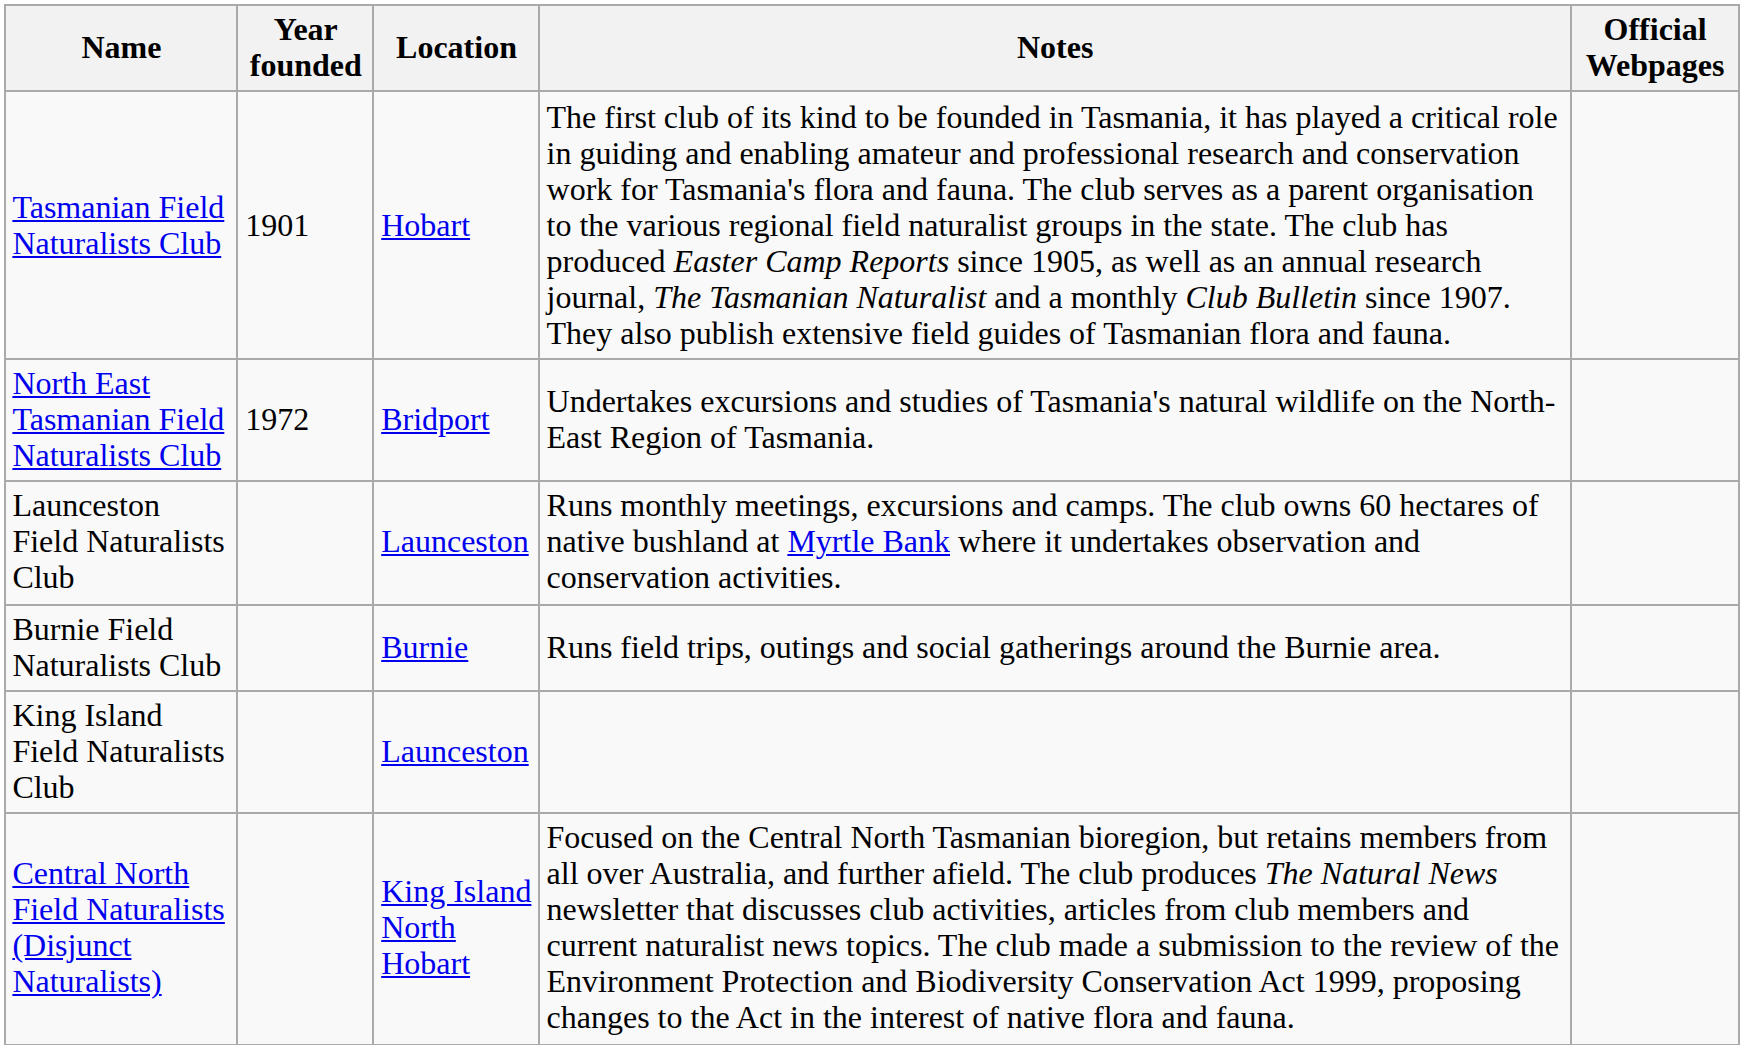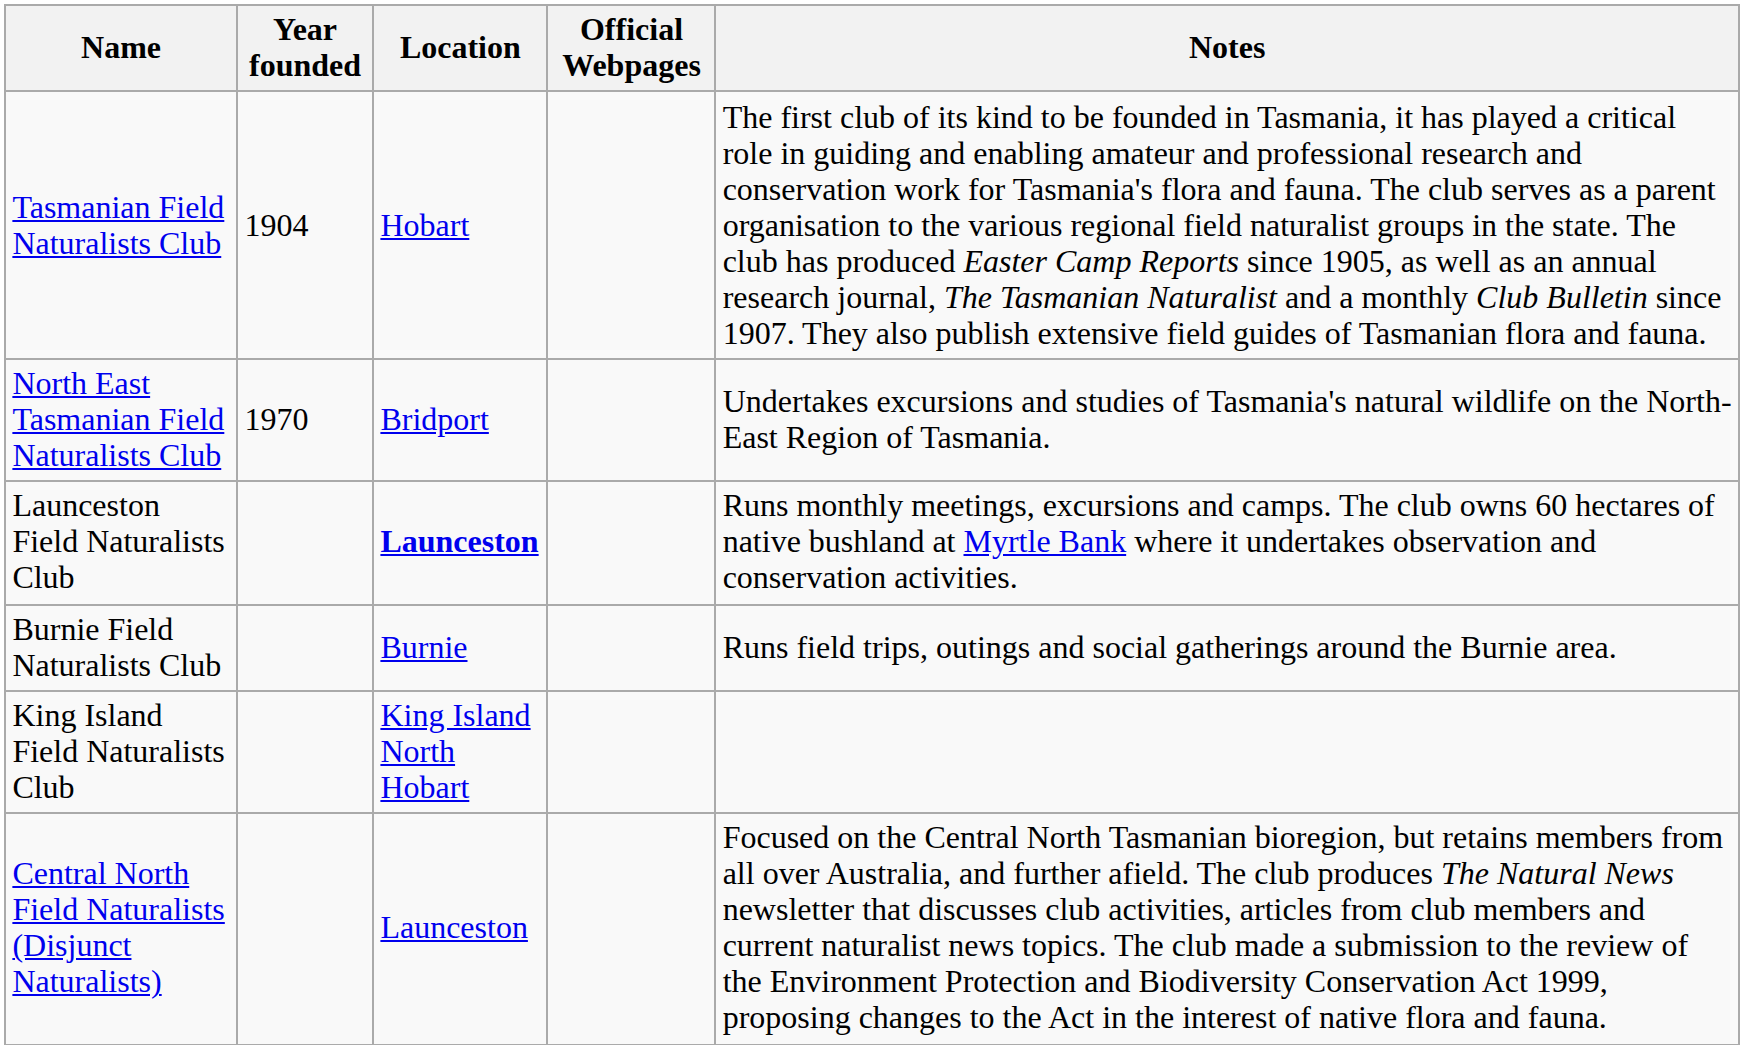 <table class="wikitable sortable">
 <tr>
 <th>Name</th>
 <th>Year founded</th>
 <th>Location</th>
+<th>Official Webpages</th>
 <th>Notes</th>
-<th>Official Webpages</th>
 </tr>
 <tr>
 <td><a href='#'>Tasmanian Field Naturalists Club</a></td>
-<td>1901</td>
+<td>1904</td>
 <td><a href='#'>Hobart</a></td>
+<td><br>  </td>
 <td>The first club of its kind to be founded in Tasmania, it has played a critical role in guiding and enabling amateur and professional research and conservation work for Tasmania's flora and fauna. The club serves as a parent organisation to the various regional field naturalist groups in the state. The club has produced <em>Easter Camp Reports</em> since 1905, as well as an annual research journal, <em>The Tasmanian Naturalist</em> and a monthly <em>Club Bulletin</em> since 1907. They also publish extensive field guides of Tasmanian flora and fauna.</td>
-<td><br>  </td>
 </tr>
 <tr>
 <td><a href='#'>North East Tasmanian Field Naturalists Club</a></td>
-<td>1972</td>
+<td>1970</td>
 <td><a href='#'>Bridport</a></td>
+<td></td>
 <td>Undertakes excursions and studies of Tasmania's natural wildlife on the North-East Region of Tasmania.</td>
-<td></td>
 </tr>
 <tr>
 <td>Launceston Field Naturalists Club</td>
 <td></td>
-<td><a href='#'>Launceston</a></td>
+<td><strong><a href='#'>Launceston</a></strong></td>
+<td></td>
 <td>Runs monthly meetings, excursions and camps. The club owns 60 hectares of native bushland at <a href='#'>Myrtle Bank</a> where it undertakes observation and conservation activities.</td>
-<td></td>
 </tr>
 <tr>
 <td>Burnie Field Naturalists Club</td>
 <td></td>
 <td><a href='#'>Burnie</a></td>
+<td></td>
 <td>Runs field trips, outings and social gatherings around the Burnie area.</td>
-<td></td>
 </tr>
 <tr>
 <td>King Island Field Naturalists Club</td>
 <td></td>
-<td><a href='#'>Launceston</a></td>
+<td><a href='#'>King Island</a><br><a href='#'>North Hobart</a></td>
 <td></td>
 <td></td>
 </tr>
 <tr>
 <td><a href='#'>Central North Field Naturalists (Disjunct Naturalists)</a></td>
 <td></td>
-<td><a href='#'>King Island</a><br><a href='#'>North Hobart</a></td>
+<td><a href='#'>Launceston</a></td>
+<td></td>
 <td>Focused on the Central North Tasmanian bioregion, but retains members from all over Australia, and further afield. The club produces <em>The Natural News</em> newsletter that discusses club activities, articles from club members and current naturalist news topics. The club made a submission to the review of the Environment Protection and Biodiversity Conservation Act 1999, proposing changes to the Act in the interest of native flora and fauna.</td>
-<td></td>
 </tr>
 </table>
